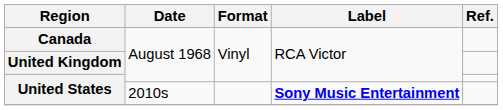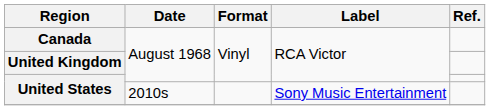 <table class="wikitable plainrowheaders">
 <tr>
 <th scope="col">Region</th>
 <th scope="col">Date</th>
 <th scope="col">Format</th>
 <th scope="col">Label</th>
 <th scope="col">Ref.</th>
 </tr>
 <tr>
 <th scope="row">Canada</th>
 <td rowspan="3">August 1968</td>
 <td rowspan="3">Vinyl</td>
 <td rowspan="3">RCA Victor</td>
 <td></td>
 </tr>
 <tr>
 <th scope="row">United Kingdom</th>
 <td></td>
 </tr>
 <tr>
 <th scope="row" rowspan="2">United States</th>
 <td></td>
 </tr>
 <tr>
 <td>2010s</td>
 <td></td>
-<td><strong><a href='#'>Sony Music Entertainment</a></strong></td>
+<td><a href='#'>Sony Music Entertainment</a></td>
 <td></td>
 </tr>
 <tr>
 </tr>
 </table>
